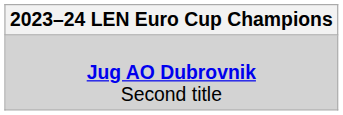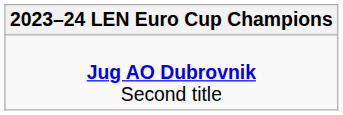 <table class=wikitable style="text-align:center; margin:auto">
 <tr>
 <th>2023–24 LEN Euro Cup Champions</th>
 </tr>
 <tr>
-<td style="background: lightgrey;"> <br><strong><a href='#'>Jug AO Dubrovnik</a></strong><br>Second title</td>
+<td> <br><strong><a href='#'>Jug AO Dubrovnik</a></strong><br>Second title</td>
 </tr>
 </table>
